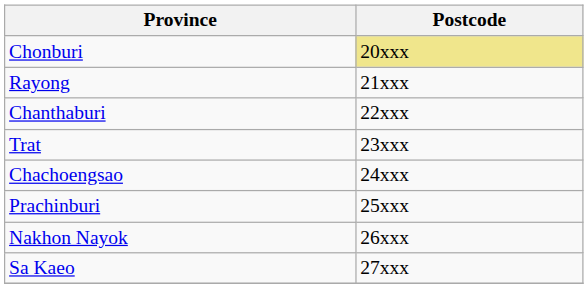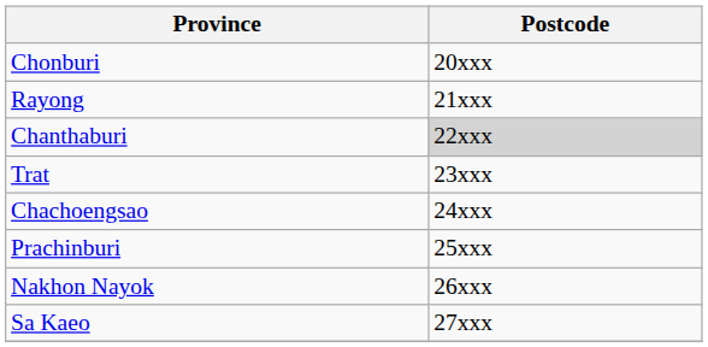 <table class="wikitable" style="width:30%; display:inline-table;">
 <tr>
 <th>Province</th>
 <th>Postcode</th>
 </tr>
 <tr>
 <td><a href='#'>Chonburi</a></td>
-<td style="background: khaki;">20xxx</td>
+<td>20xxx</td>
 </tr>
 <tr>
 <td><a href='#'>Rayong</a></td>
 <td>21xxx</td>
 </tr>
 <tr>
 <td><a href='#'>Chanthaburi</a></td>
-<td>22xxx</td>
+<td style="background: lightgrey;">22xxx</td>
 </tr>
 <tr>
 <td><a href='#'>Trat</a></td>
 <td>23xxx</td>
 </tr>
 <tr>
 <td><a href='#'>Chachoengsao</a></td>
 <td>24xxx</td>
 </tr>
 <tr>
 <td><a href='#'>Prachinburi</a></td>
 <td>25xxx</td>
 </tr>
 <tr>
 <td><a href='#'>Nakhon Nayok</a></td>
 <td>26xxx</td>
 </tr>
 <tr>
 <td><a href='#'>Sa Kaeo</a></td>
 <td>27xxx</td>
 </tr>
 <tr>
 </tr>
 </table>
